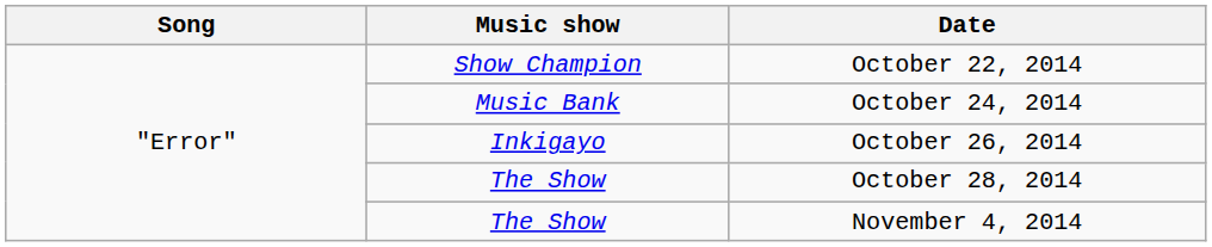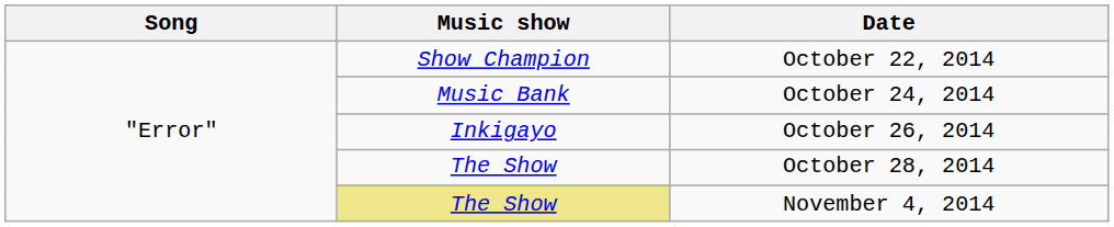 <table class="wikitable" style="text-align:center; width:650px;">
 <tr>
 <th style="width:150px;">Song</th>
 <th style="width:150px;">Music show</th>
 <th style="width:200px;">Date</th>
 </tr>
 <tr>
 <td rowspan="5">"Error"</td>
 <td><em><a href='#'>Show Champion</a></em></td>
 <td>October 22, 2014</td>
 </tr>
 <tr>
 <td><em><a href='#'>Music Bank</a></em></td>
 <td>October 24, 2014 </td>
 </tr>
 <tr>
 <td><em><a href='#'>Inkigayo</a></em></td>
 <td>October 26, 2014 </td>
 </tr>
 <tr>
 <td><em><a href='#'>The Show</a></em></td>
 <td>October 28, 2014 </td>
 </tr>
 <tr>
-<td><em><a href='#'>The Show</a></em></td>
+<td style="background: khaki;"><em><a href='#'>The Show</a></em></td>
 <td>November 4, 2014 </td>
 </tr>
 </table>
